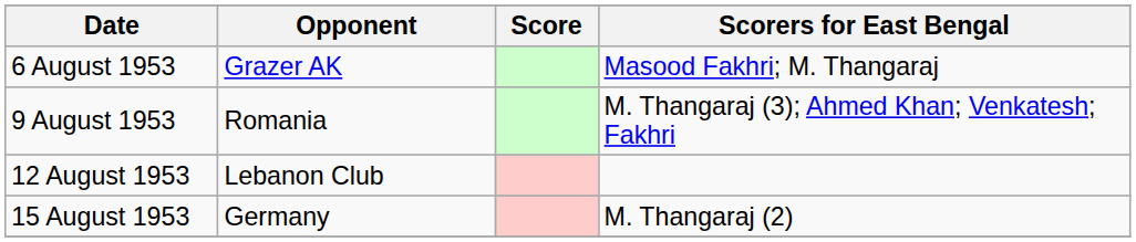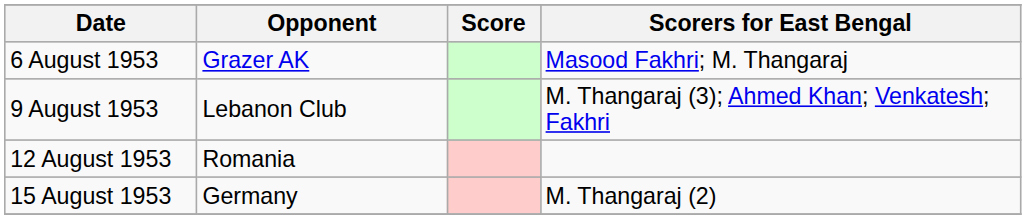 <table class="wikitable" style="font-size:90%; width:50%; text-align:left">
 <tr>
 </tr>
 <tr>
 <th width="10%" scope="col">Date</th>
 <th width="13%" scope="col">Opponent</th>
 <th width="2%" scope="col">Score</th>
 <th width="25%" scope="col">Scorers for East Bengal</th>
 </tr>
 <tr>
 <td>6 August 1953</td>
 <td> <a href='#'>Grazer AK</a></td>
 <td bgcolor=#CCFFCC></td>
 <td><a href='#'>Masood Fakhri</a>; M. Thangaraj</td>
 </tr>
 <tr>
 <td>9 August 1953</td>
-<td> Romania</td>
+<td> Lebanon Club</td>
 <td bgcolor=#CCFFCC></td>
 <td>M. Thangaraj (3); <a href='#'>Ahmed Khan</a>; <a href='#'>Venkatesh</a>; <a href='#'>Fakhri</a></td>
 </tr>
 <tr>
 <td>12 August 1953</td>
-<td> Lebanon Club</td>
+<td> Romania</td>
 <td bgcolor=#FFCCCC></td>
 <td></td>
 </tr>
 <tr>
 <td>15 August 1953</td>
 <td> Germany</td>
 <td bgcolor=#FFCCCC></td>
 <td>M. Thangaraj (2)</td>
 </tr>
 <tr>
 </tr>
 </table>
